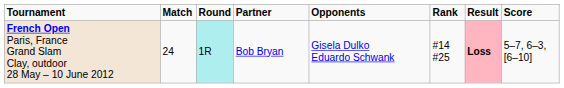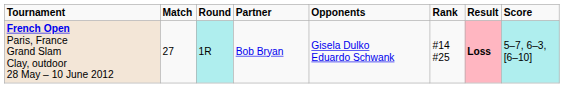 <table class="wikitable">
 <tr style="font-weight:bold">
 <td style="width:300px;">Tournament</td>
 <td style="width:50px;">Match</td>
 <td style="width:50px;">Round</td>
 <td style="width:135px;">Partner</td>
 <td style="width:225px;">Opponents</td>
 <td style="width:50px;">Rank</td>
 <td style="width:50px;">Result</td>
 <td style="width:100px;">Score</td>
 </tr>
 <tr>
 <td rowspan="1" style="background:#f3e6d7; text-align:left; vertical-align:top;"><strong><a href='#'>French Open</a></strong><br> Paris, France<br>Grand Slam<br>Clay, outdoor<br>28 May – 10 June 2012</td>
-<td>24</td>
+<td>27</td>
 <td style="background:#afeeee;">1R</td>
 <td> <a href='#'>Bob Bryan</a></td>
 <td> <a href='#'>Gisela Dulko</a><br> <a href='#'>Eduardo Schwank</a></td>
 <td>#14<br>#25</td>
 <td bgcolor=lightpink><strong>Loss</strong></td>
-<td>5–7, 6–3, [6–10]<br></td>
+<td style="background: paleturquoise;">5–7, 6–3, [6–10]<br></td>
 </tr>
 </table>
